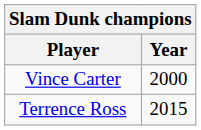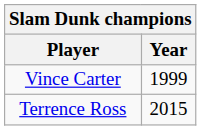 <table class="wikitable" style="text-align:center">
 <tr>
 <th colspan="2">Slam Dunk champions</th>
 </tr>
 <tr>
 <th>Player</th>
 <th>Year</th>
 </tr>
 <tr>
 <td><a href='#'>Vince Carter</a></td>
-<td>2000</td>
+<td>1999</td>
 </tr>
 <tr>
 <td><a href='#'>Terrence Ross</a></td>
 <td>2015</td>
 </tr>
 </table>
